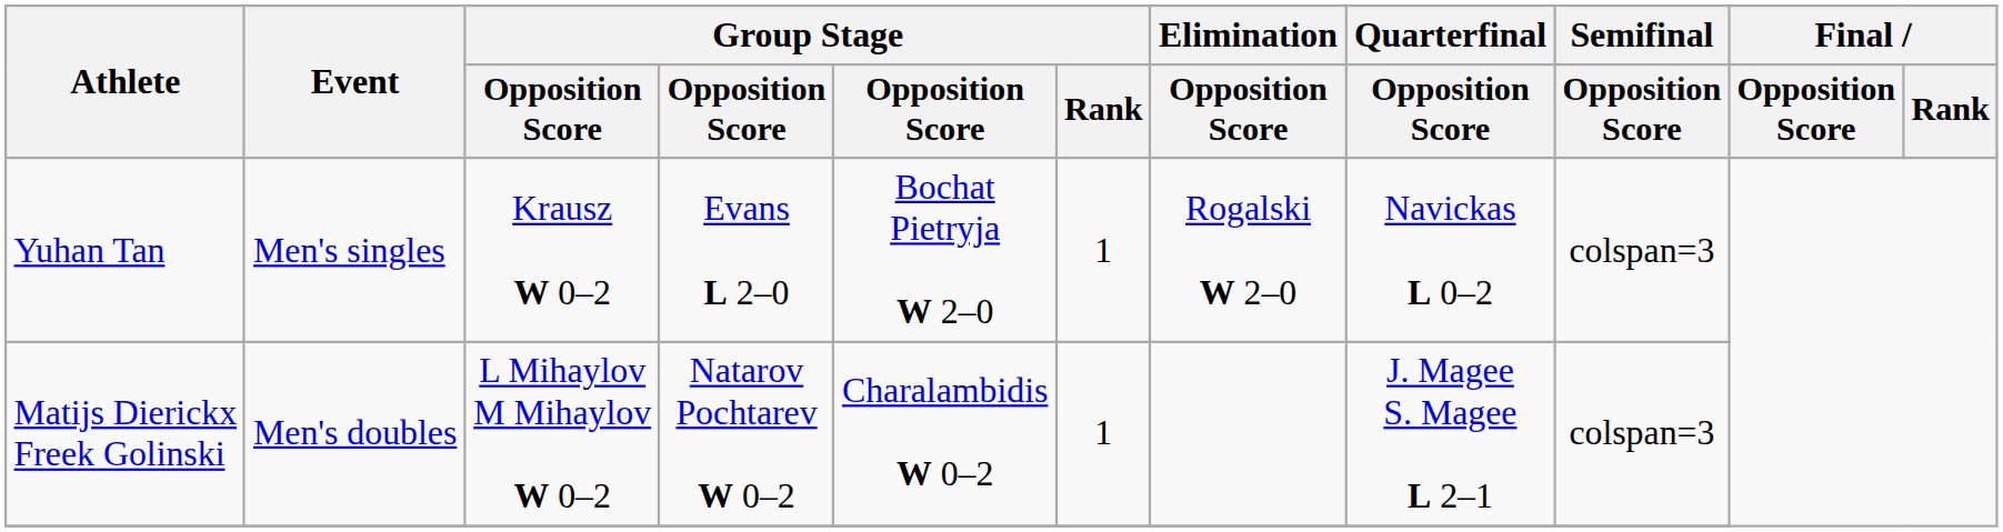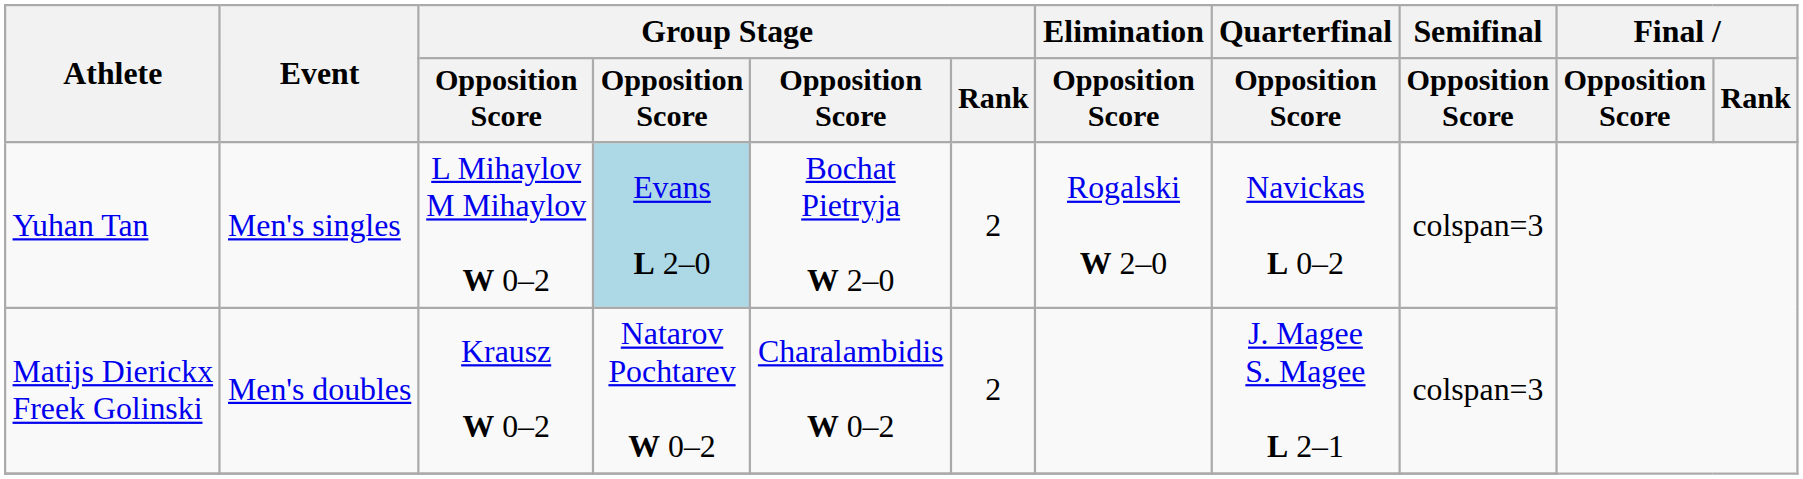 <table class="wikitable" style="font-size:90%">
 <tr>
 <th rowspan=2>Athlete</th>
 <th rowspan=2>Event</th>
 <th colspan=4>Group Stage</th>
 <th>Elimination</th>
 <th>Quarterfinal</th>
 <th>Semifinal</th>
 <th colspan=2>Final / </th>
 </tr>
 <tr style="font-size:95%">
 <th>Opposition<br>Score</th>
 <th>Opposition<br>Score</th>
 <th>Opposition<br>Score</th>
 <th>Rank</th>
 <th>Opposition<br>Score</th>
 <th>Opposition<br>Score</th>
 <th>Opposition<br>Score</th>
 <th>Opposition<br>Score</th>
 <th>Rank</th>
 </tr>
 <tr align=center>
 <td align=left><a href='#'>Yuhan Tan</a></td>
 <td align=left><a href='#'>Men's singles</a></td>
-<td><a href='#'>Krausz</a><br><br><strong>W</strong> 0–2</td>
-<td><a href='#'>Evans</a><br><br><strong>L</strong> 2–0</td>
+<td><a href='#'>L Mihaylov</a> <br> <a href='#'>M Mihaylov</a> <br><br><strong>W</strong> 0–2</td>
+<td style="background: lightblue;"><a href='#'>Evans</a><br><br><strong>L</strong> 2–0</td>
 <td><a href='#'>Bochat</a> <br> <a href='#'>Pietryja</a> <br><br><strong>W</strong> 2–0</td>
-<td>1</td>
+<td>2</td>
 <td><a href='#'>Rogalski</a><br><br><strong>W</strong> 2–0</td>
 <td><a href='#'>Navickas</a><br><br><strong>L</strong> 0–2</td>
 <td>colspan=3 </td>
 </tr>
 <tr align=center>
 <td align=left><a href='#'>Matijs Dierickx</a> <br> <a href='#'>Freek Golinski</a></td>
 <td align=left><a href='#'>Men's doubles</a></td>
-<td><a href='#'>L Mihaylov</a> <br> <a href='#'>M Mihaylov</a> <br><br><strong>W</strong> 0–2</td>
+<td><a href='#'>Krausz</a><br><br><strong>W</strong> 0–2</td>
 <td><a href='#'>Natarov</a> <br> <a href='#'>Pochtarev</a> <br><br><strong>W</strong> 0–2</td>
 <td><a href='#'>Charalambidis</a><br><br><strong>W</strong> 0–2</td>
-<td>1</td>
+<td>2</td>
 <td></td>
 <td><a href='#'>J. Magee</a> <br> <a href='#'>S. Magee</a> <br><br><strong>L</strong> 2–1</td>
 <td>colspan=3 </td>
 </tr>
 <tr align=center>
 </tr>
 </table>
